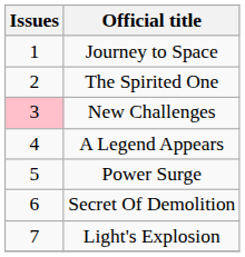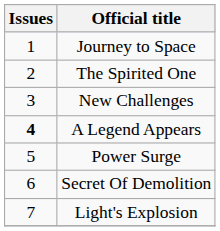 <table class="wikitable" style="margin:1em 0; text-align:center;">
 <tr style="background:#b0c4de;">
 <th>Issues</th>
 <th>Official title</th>
 </tr>
 <tr>
 <td>1</td>
 <td>Journey to Space</td>
 </tr>
 <tr>
 <td>2</td>
 <td>The Spirited One</td>
 </tr>
 <tr>
-<td style="background: pink;">3</td>
+<td>3</td>
 <td>New Challenges</td>
 </tr>
 <tr>
-<td>4</td>
+<td><strong>4</strong></td>
 <td>A Legend Appears</td>
 </tr>
 <tr>
 <td>5</td>
 <td>Power Surge</td>
 </tr>
 <tr>
 <td>6</td>
 <td>Secret Of Demolition</td>
 </tr>
 <tr>
 <td>7</td>
 <td>Light's Explosion</td>
 </tr>
 <tr>
 </tr>
 </table>
